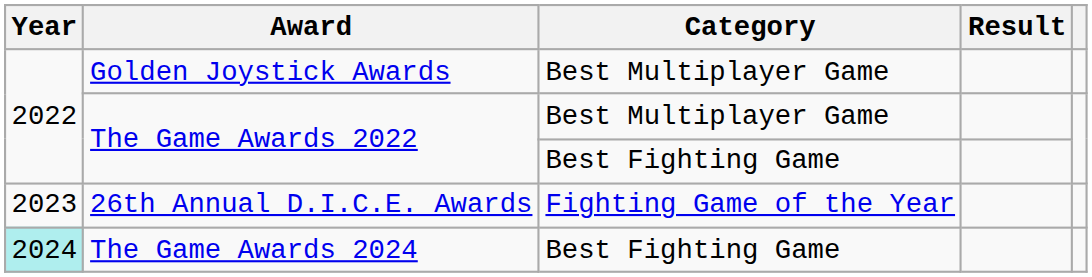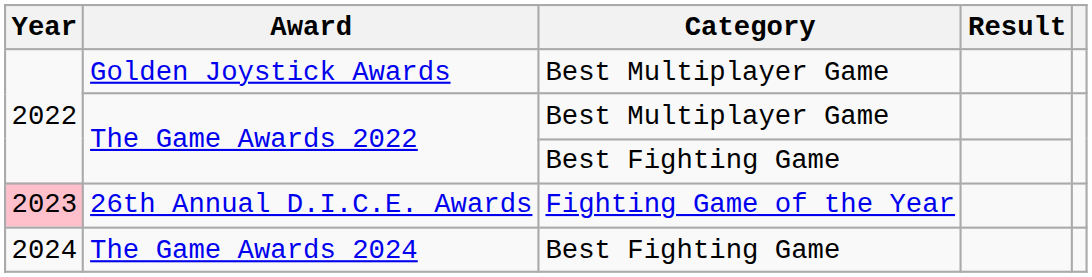 <table class="wikitable sortable">
 <tr>
 <th scope="col">Year</th>
 <th scope="col">Award</th>
 <th scope="col">Category</th>
 <th scope="col">Result</th>
 <th scope="col" class="unsortable"></th>
 </tr>
 <tr>
 <td rowspan="3">2022</td>
 <td scope="row"><a href='#'>Golden Joystick Awards</a></td>
 <td>Best Multiplayer Game</td>
 <td></td>
 <td style="text-align:center;"></td>
 </tr>
 <tr>
 <td scope="row" rowspan="2"><a href='#'>The Game Awards 2022</a></td>
 <td>Best Multiplayer Game</td>
 <td></td>
 <td rowspan="2" style="text-align:center;"></td>
 </tr>
 <tr>
 <td>Best Fighting Game</td>
 <td></td>
 </tr>
 <tr>
-<td>2023</td>
+<td style="background: pink;">2023</td>
 <td><a href='#'>26th Annual D.I.C.E. Awards</a></td>
 <td><a href='#'>Fighting Game of the Year</a></td>
 <td></td>
 <td style="text-align:center;"></td>
 </tr>
 <tr>
-<td style="background: paleturquoise;">2024</td>
+<td>2024</td>
 <td><a href='#'>The Game Awards 2024</a></td>
 <td>Best Fighting Game</td>
 <td></td>
 <td style="text-align:center;"></td>
 </tr>
 </table>
